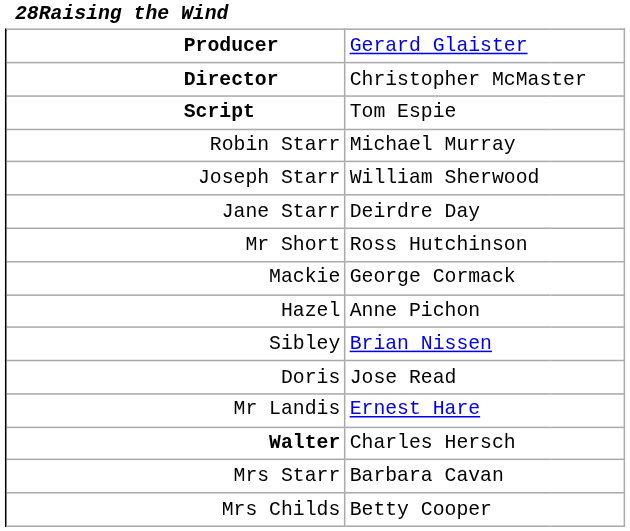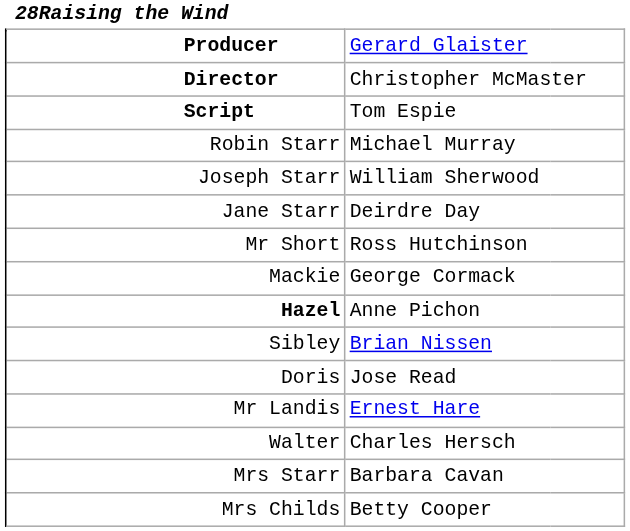 <table class="wikitable mw-collapsible mw-collapsed" style="vertical-align:top;margin:auto 2em;line-height:1.2;min-width:33em;display: inline-table;background-color:inherit;border:none;">
 <tr>
 <td class=unsortable style="border:hidden;line-height:1.67;text-align:center;margin-left:-1em;padding-left:0.5em;min-width:1.0em;"></td>
 <td class=unsortable style="border:none;padding-left:0.5em;text-align:left;min-width:16.5em;font-weight:700;font-style:italic;">28Raising the Wind</td>
 <td class=unsortable style="border:none;text-align:right;font-weight:normal;font-family:Courier;font-size:95%;letter-spacing:-1pt;min-width:8.5em;padding-right:0.2em;"></td>
 <td class=unsortable style="border:hidden;min-width:3.5em;padding-left:0;"></td>
 <td class=unsortable style="border:hidden;min-width:3.5em;font-size:95%;"></td>
 </tr>
 <tr>
 <td rowspan=100 style="border:none thin;border-right-style :solid;"></td>
 </tr>
 <tr>
 <td style="text-align:left;padding-left:9.0em;font-weight:bold;">Producer</td>
 <td colspan=2><a href='#'>Gerard Glaister</a></td>
 </tr>
 <tr>
 <td style="text-align:left;padding-left:9.0em;font-weight:bold;">Director</td>
 <td colspan=2>Christopher McMaster</td>
 </tr>
 <tr>
 <td style="text-align:left;padding-left:9.0em;font-weight:bold;">Script</td>
 <td colspan=2>Tom Espie</td>
 </tr>
 <tr>
 <td style="text-align:right;">Robin Starr</td>
 <td colspan=2>Michael Murray</td>
 </tr>
 <tr>
 <td style="text-align:right;">Joseph Starr</td>
 <td colspan=2>William Sherwood</td>
 </tr>
 <tr>
 <td style="text-align:right;">Jane Starr</td>
 <td colspan=2>Deirdre Day</td>
 </tr>
 <tr>
 <td style="text-align:right;">Mr Short</td>
 <td colspan=2>Ross Hutchinson</td>
 </tr>
 <tr>
 <td style="text-align:right;">Mackie</td>
 <td colspan=2>George Cormack</td>
 </tr>
 <tr>
-<td style="text-align:right;">Hazel</td>
+<td style="text-align:right;"><strong>Hazel</strong></td>
 <td colspan=2>Anne Pichon</td>
 </tr>
 <tr>
 <td style="text-align:right;">Sibley</td>
 <td colspan=2><a href='#'>Brian Nissen</a></td>
 </tr>
 <tr>
 <td style="text-align:right;">Doris</td>
 <td colspan=2>Jose Read</td>
 </tr>
 <tr>
 <td style="text-align:right;">Mr Landis</td>
 <td colspan=2><a href='#'>Ernest Hare</a></td>
 </tr>
 <tr>
-<td style="text-align:right;"><strong>Walter</strong></td>
+<td style="text-align:right;">Walter</td>
 <td colspan=2>Charles Hersch</td>
 </tr>
 <tr>
 <td style="text-align:right;">Mrs Starr</td>
 <td colspan=2>Barbara Cavan</td>
 </tr>
 <tr>
 <td style="text-align:right;">Mrs Childs</td>
 <td colspan=2>Betty Cooper</td>
 </tr>
 </table>
